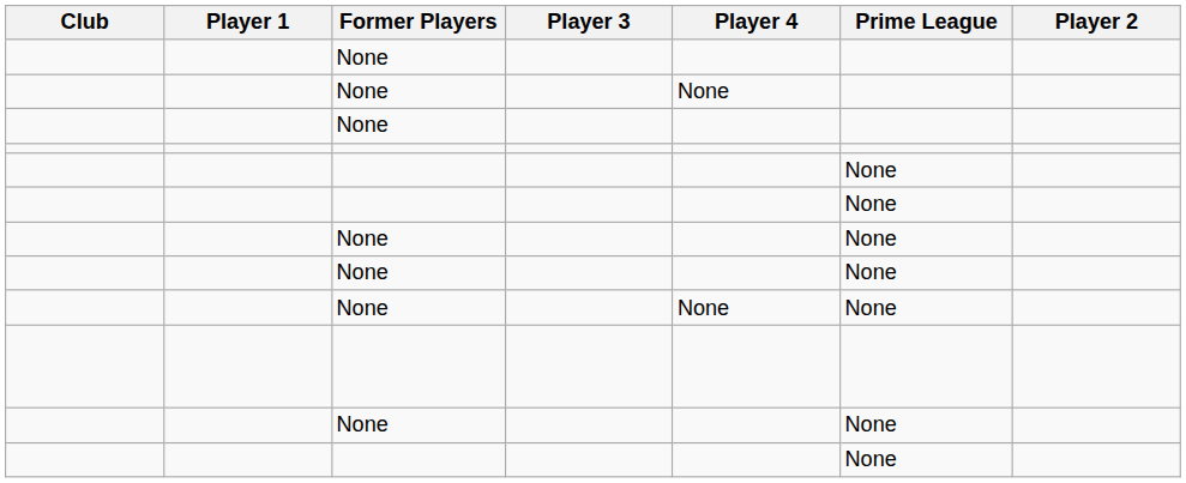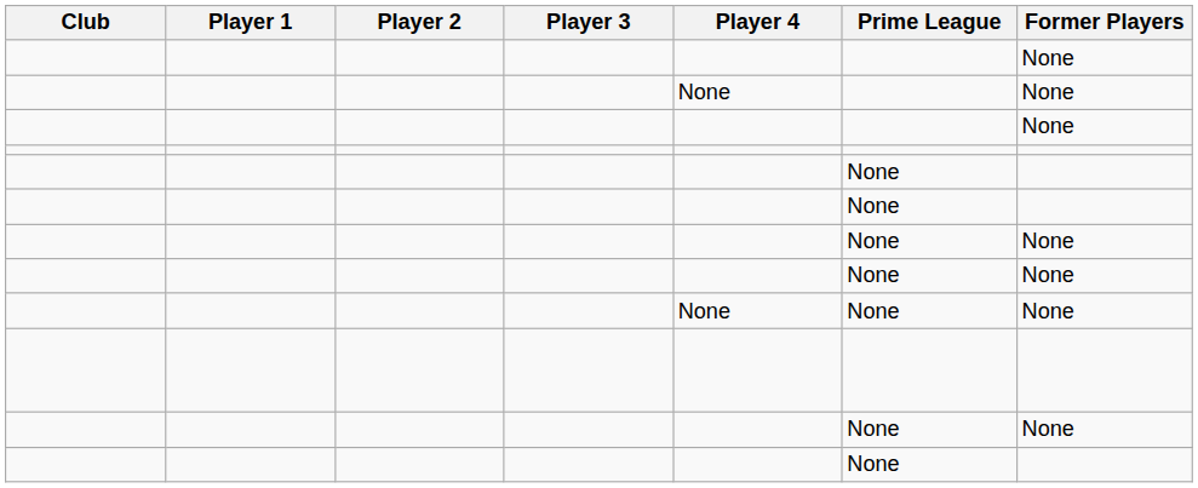 <table class="wikitable ">
 <tr>
 <th style="width:190px;">Club</th>
 <th style="width:190px;">Player 1</th>
-<th style="width:190px;">Former Players</th>
+<th style="width:190px;">Player 2</th>
 <th style="width:190px;">Player 3</th>
 <th style="width:190px;">Player 4</th>
 <th style="width:190px;">Prime League</th>
-<th style="width:190px;">Player 2</th>
+<th style="width:190px;">Former Players</th>
 </tr>
 <tr>
 <td></td>
 <td></td>
-<td>None</td>
 <td></td>
 <td></td>
 <td></td>
 <td></td>
+<td>None</td>
 </tr>
 <tr>
+<td></td>
+<td></td>
 <td></td>
 <td></td>
 <td>None</td>
 <td></td>
 <td>None</td>
-<td></td>
-<td></td>
 </tr>
 <tr>
 <td></td>
 <td></td>
-<td>None</td>
 <td></td>
 <td></td>
 <td></td>
 <td></td>
+<td>None</td>
 </tr>
 <tr>
 <td></td>
 <td></td>
 <td></td>
 <td></td>
 <td></td>
 <td></td>
 <td></td>
 </tr>
 <tr>
 <td></td>
 <td></td>
 <td></td>
 <td></td>
 <td></td>
 <td>None</td>
 <td></td>
 </tr>
 <tr>
 <td></td>
 <td></td>
 <td></td>
 <td></td>
 <td></td>
 <td>None</td>
 <td></td>
 </tr>
 <tr>
 <td></td>
 <td></td>
-<td>None</td>
+<td></td>
 <td></td>
 <td></td>
 <td>None</td>
-<td></td>
+<td>None</td>
 </tr>
 <tr>
 <td></td>
 <td></td>
-<td>None</td>
+<td></td>
 <td></td>
 <td></td>
 <td>None</td>
-<td></td>
+<td>None</td>
 </tr>
 <tr>
 <td></td>
 <td></td>
-<td>None</td>
+<td></td>
 <td></td>
 <td>None</td>
 <td>None</td>
-<td></td>
+<td>None</td>
 </tr>
 <tr>
 <td></td>
 <td></td>
-<td><br><br><br></td>
 <td></td>
 <td></td>
 <td></td>
 <td></td>
+<td><br><br><br></td>
 </tr>
 <tr>
 <td></td>
 <td></td>
-<td>None</td>
+<td></td>
 <td></td>
 <td></td>
 <td>None</td>
-<td></td>
+<td>None</td>
 </tr>
 <tr>
 <td></td>
 <td></td>
 <td></td>
 <td></td>
 <td></td>
 <td>None</td>
 <td></td>
 </tr>
 </table>
